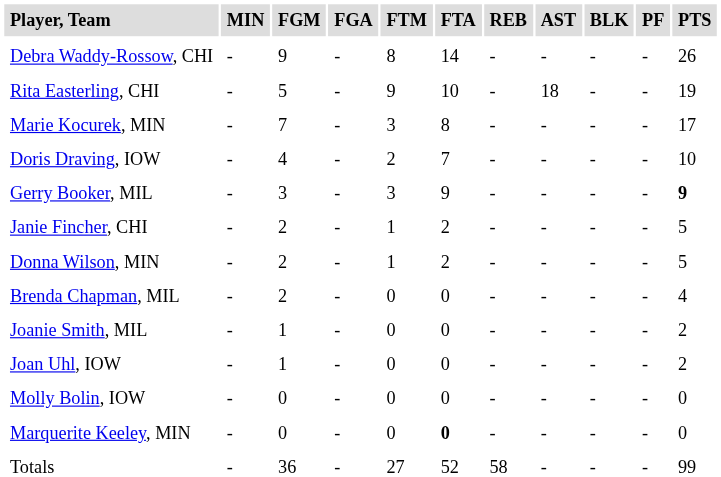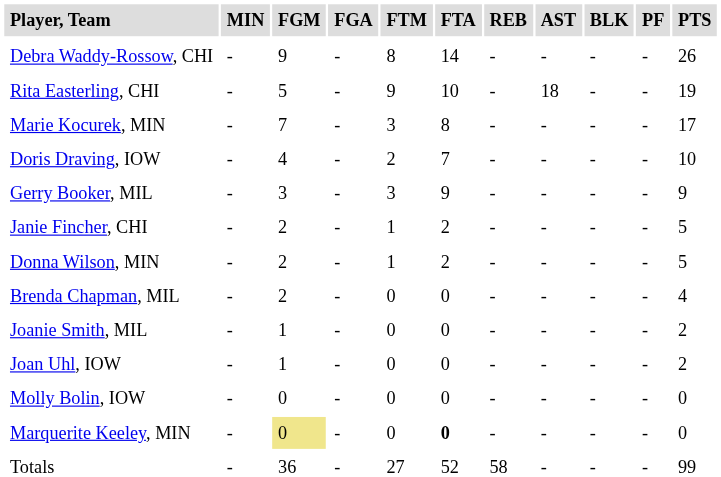 <table cellpadding=5>
 <tr bgcolor="#dddddd">
 <td><strong>Player, Team</strong></td>
 <td><strong>MIN</strong></td>
 <td><strong>FGM</strong></td>
 <td><strong>FGA</strong></td>
 <td><strong>FTM</strong></td>
 <td><strong>FTA</strong></td>
 <td><strong>REB</strong></td>
 <td><strong>AST</strong></td>
 <td><strong>BLK</strong></td>
 <td><strong>PF</strong></td>
 <td><strong>PTS</strong></td>
 </tr>
 <tr bgcolor="#eeeeee">
 </tr>
 <tr>
 <td><a href='#'>Debra Waddy-Rossow</a>, CHI</td>
 <td>-</td>
 <td>9</td>
 <td>-</td>
 <td>8</td>
 <td>14</td>
 <td>-</td>
 <td>-</td>
 <td>-</td>
 <td>-</td>
 <td>26</td>
 </tr>
 <tr>
 <td><a href='#'>Rita Easterling</a>, CHI</td>
 <td>-</td>
 <td>5</td>
 <td>-</td>
 <td>9</td>
 <td>10</td>
 <td>-</td>
 <td>18</td>
 <td>-</td>
 <td>-</td>
 <td>19</td>
 </tr>
 <tr>
 <td><a href='#'>Marie Kocurek</a>, MIN</td>
 <td>-</td>
 <td>7</td>
 <td>-</td>
 <td>3</td>
 <td>8</td>
 <td>-</td>
 <td>-</td>
 <td>-</td>
 <td>-</td>
 <td>17</td>
 </tr>
 <tr>
 <td><a href='#'>Doris Draving</a>, IOW</td>
 <td>-</td>
 <td>4</td>
 <td>-</td>
 <td>2</td>
 <td>7</td>
 <td>-</td>
 <td>-</td>
 <td>-</td>
 <td>-</td>
 <td>10</td>
 </tr>
 <tr>
 <td><a href='#'>Gerry Booker</a>, MIL</td>
 <td>-</td>
 <td>3</td>
 <td>-</td>
 <td>3</td>
 <td>9</td>
 <td>-</td>
 <td>-</td>
 <td>-</td>
 <td>-</td>
-<td><strong>9</strong></td>
+<td>9</td>
 </tr>
 <tr>
 <td><a href='#'>Janie Fincher</a>, CHI</td>
 <td>-</td>
 <td>2</td>
 <td>-</td>
 <td>1</td>
 <td>2</td>
 <td>-</td>
 <td>-</td>
 <td>-</td>
 <td>-</td>
 <td>5</td>
 </tr>
 <tr>
 <td><a href='#'>Donna Wilson</a>, MIN</td>
 <td>-</td>
 <td>2</td>
 <td>-</td>
 <td>1</td>
 <td>2</td>
 <td>-</td>
 <td>-</td>
 <td>-</td>
 <td>-</td>
 <td>5</td>
 </tr>
 <tr>
 <td><a href='#'>Brenda Chapman</a>, MIL</td>
 <td>-</td>
 <td>2</td>
 <td>-</td>
 <td>0</td>
 <td>0</td>
 <td>-</td>
 <td>-</td>
 <td>-</td>
 <td>-</td>
 <td>4</td>
 </tr>
 <tr>
 <td><a href='#'>Joanie Smith</a>, MIL</td>
 <td>-</td>
 <td>1</td>
 <td>-</td>
 <td>0</td>
 <td>0</td>
 <td>-</td>
 <td>-</td>
 <td>-</td>
 <td>-</td>
 <td>2</td>
 </tr>
 <tr>
 <td><a href='#'>Joan Uhl</a>, IOW</td>
 <td>-</td>
 <td>1</td>
 <td>-</td>
 <td>0</td>
 <td>0</td>
 <td>-</td>
 <td>-</td>
 <td>-</td>
 <td>-</td>
 <td>2</td>
 </tr>
 <tr>
 <td><a href='#'>Molly Bolin</a>, IOW</td>
 <td>-</td>
 <td>0</td>
 <td>-</td>
 <td>0</td>
 <td>0</td>
 <td>-</td>
 <td>-</td>
 <td>-</td>
 <td>-</td>
 <td>0</td>
 </tr>
 <tr>
 <td><a href='#'>Marquerite Keeley</a>, MIN</td>
 <td>-</td>
-<td>0</td>
+<td style="background: khaki;">0</td>
 <td>-</td>
 <td>0</td>
 <td><strong>0</strong></td>
 <td>-</td>
 <td>-</td>
 <td>-</td>
 <td>-</td>
 <td>0</td>
 </tr>
 <tr>
 <td>Totals</td>
 <td>-</td>
 <td>36</td>
 <td>-</td>
 <td>27</td>
 <td>52</td>
 <td>58</td>
 <td>-</td>
 <td>-</td>
 <td>-</td>
 <td>99</td>
 </tr>
 <tr>
 </tr>
 </table>
